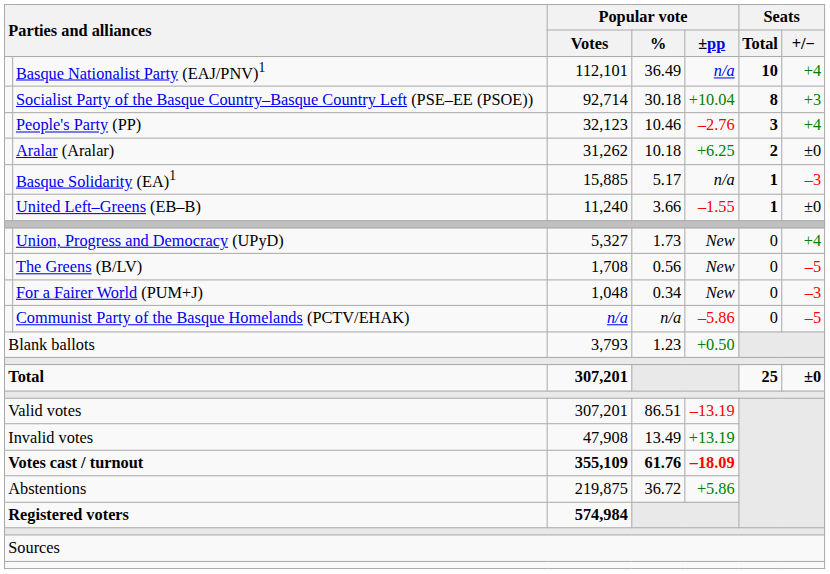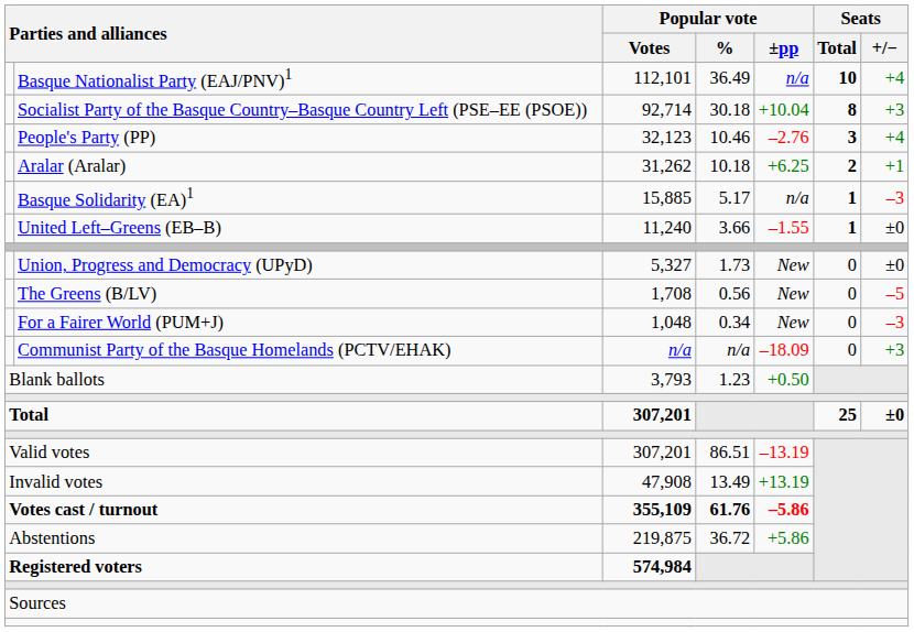 <table class="wikitable" style="text-align:right;">
 <tr>
 <th style="text-align:left;" rowspan="2" colspan="2" width="525">Parties and alliances</th>
 <th colspan="3">Popular vote</th>
 <th colspan="2">Seats</th>
 </tr>
 <tr>
 <th width="75">Votes</th>
 <th width="45">%</th>
 <th width="45">±<a href='#'>pp</a></th>
 <th width="35">Total</th>
 <th width="35">+/−</th>
 </tr>
 <tr>
 <td style="color:inherit;background:"></td>
 <td align="left"><a href='#'>Basque Nationalist Party</a> (EAJ/PNV)<sup>1</sup></td>
 <td>112,101</td>
 <td>36.49</td>
 <td><em><a href='#'>n/a</a></em></td>
 <td><strong>10</strong></td>
 <td style="color:green;">+4</td>
 </tr>
 <tr>
 <td style="color:inherit;background:"></td>
 <td align="left"><a href='#'>Socialist Party of the Basque Country–Basque Country Left</a> (PSE–EE (PSOE))</td>
 <td>92,714</td>
 <td>30.18</td>
 <td style="color:green;">+10.04</td>
 <td><strong>8</strong></td>
 <td style="color:green;">+3</td>
 </tr>
 <tr>
 <td style="color:inherit;background:"></td>
 <td align="left"><a href='#'>People's Party</a> (PP)</td>
 <td>32,123</td>
 <td>10.46</td>
 <td style="color:red;">–2.76</td>
 <td><strong>3</strong></td>
 <td style="color:green;">+4</td>
 </tr>
 <tr>
 <td style="color:inherit;background:"></td>
 <td align="left"><a href='#'>Aralar</a> (Aralar)</td>
 <td>31,262</td>
 <td>10.18</td>
 <td style="color:green;">+6.25</td>
 <td><strong>2</strong></td>
-<td>±0</td>
+<td style="color:green;">+1</td>
 </tr>
 <tr>
 <td style="color:inherit;background:"></td>
 <td align="left"><a href='#'>Basque Solidarity</a> (EA)<sup>1</sup></td>
 <td>15,885</td>
 <td>5.17</td>
 <td><em>n/a</em></td>
 <td><strong>1</strong></td>
 <td style="color:red;">–3</td>
 </tr>
 <tr>
 <td style="color:inherit;background:"></td>
 <td align="left"><a href='#'>United Left–Greens</a> (EB–B)</td>
 <td>11,240</td>
 <td>3.66</td>
 <td style="color:red;">–1.55</td>
 <td><strong>1</strong></td>
 <td>±0</td>
 </tr>
 <tr>
 <td colspan="7" bgcolor="#C0C0C0"></td>
 </tr>
 <tr>
 <td style="color:inherit;background:"></td>
 <td align="left"><a href='#'>Union, Progress and Democracy</a> (UPyD)</td>
 <td>5,327</td>
 <td>1.73</td>
 <td><em>New</em></td>
 <td>0</td>
-<td style="color:green;">+4</td>
+<td>±0</td>
 </tr>
 <tr>
 <td style="color:inherit;background:"></td>
 <td align="left"><a href='#'>The Greens</a> (B/LV)</td>
 <td>1,708</td>
 <td>0.56</td>
 <td><em>New</em></td>
 <td>0</td>
 <td style="color:red;">–5</td>
 </tr>
 <tr>
 <td style="color:inherit;background:"></td>
 <td align="left"><a href='#'>For a Fairer World</a> (PUM+J)</td>
 <td>1,048</td>
 <td>0.34</td>
 <td><em>New</em></td>
 <td>0</td>
 <td style="color:red;">–3</td>
 </tr>
 <tr>
 <td style="color:inherit;background:"></td>
 <td align="left"><a href='#'>Communist Party of the Basque Homelands</a> (PCTV/EHAK)</td>
 <td><em><a href='#'>n/a</a></em></td>
 <td><em>n/a</em></td>
-<td style="color:red;">–5.86</td>
+<td style="color:red;">–18.09</td>
 <td>0</td>
-<td style="color:red;">–5</td>
+<td style="color:green;">+3</td>
 </tr>
 <tr>
 <td align="left" colspan="2">Blank ballots</td>
 <td>3,793</td>
 <td>1.23</td>
 <td style="color:green;">+0.50</td>
 <td bgcolor="#E9E9E9" colspan="2"></td>
 </tr>
 <tr>
 <td colspan="7" bgcolor="#E9E9E9"></td>
 </tr>
 <tr style="font-weight:bold;">
 <td align="left" colspan="2">Total</td>
 <td>307,201</td>
 <td bgcolor="#E9E9E9" colspan="2"></td>
 <td>25</td>
 <td>±0</td>
 </tr>
 <tr>
 <td colspan="7" bgcolor="#E9E9E9"></td>
 </tr>
 <tr>
 <td align="left" colspan="2">Valid votes</td>
 <td>307,201</td>
 <td>86.51</td>
 <td style="color:red;">–13.19</td>
 <td bgcolor="#E9E9E9" colspan="2" rowspan="5"></td>
 </tr>
 <tr>
 <td align="left" colspan="2">Invalid votes</td>
 <td>47,908</td>
 <td>13.49</td>
 <td style="color:green;">+13.19</td>
 </tr>
 <tr style="font-weight:bold;">
 <td align="left" colspan="2">Votes cast / turnout</td>
 <td>355,109</td>
 <td>61.76</td>
-<td style="color:red;">–18.09</td>
+<td style="color:red;">–5.86</td>
 </tr>
 <tr>
 <td align="left" colspan="2">Abstentions</td>
 <td>219,875</td>
 <td>36.72</td>
 <td style="color:green;">+5.86</td>
 </tr>
 <tr style="font-weight:bold;">
 <td align="left" colspan="2">Registered voters</td>
 <td>574,984</td>
 <td bgcolor="#E9E9E9" colspan="2"></td>
 </tr>
 <tr>
 <td colspan="7" bgcolor="#E9E9E9"></td>
 </tr>
 <tr>
 <td colspan="7" align="left">Sources</td>
 </tr>
 <tr>
 <td colspan="7" style="text-align:left; max-width:790px;"></td>
 </tr>
 </table>
